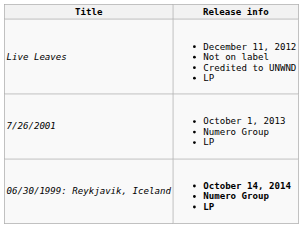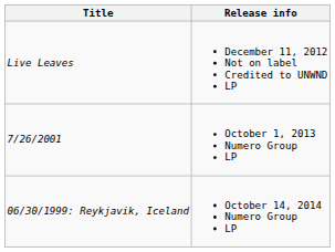 <table class="wikitable">
 <tr>
 <th>Title</th>
 <th>Release info</th>
 </tr>
 <tr>
 <td><em>Live Leaves</em></td>
 <td><br><ul><li>December 11, 2012</li><li>Not on label</li><li>Credited to UNWND</li><li>LP</li></ul></td>
 </tr>
 <tr>
 <td><em>7/26/2001</em></td>
 <td><br><ul><li>October 1, 2013</li><li>Numero Group</li><li>LP</li></ul></td>
 </tr>
 <tr>
 <td><em>06/30/1999: Reykjavik, Iceland</em></td>
-<td><strong><br><ul><li>October 14, 2014</li><li>Numero Group</li><li>LP</li></ul></strong></td>
+<td><br><ul><li>October 14, 2014</li><li>Numero Group</li><li>LP</li></ul></td>
 </tr>
 </table>
